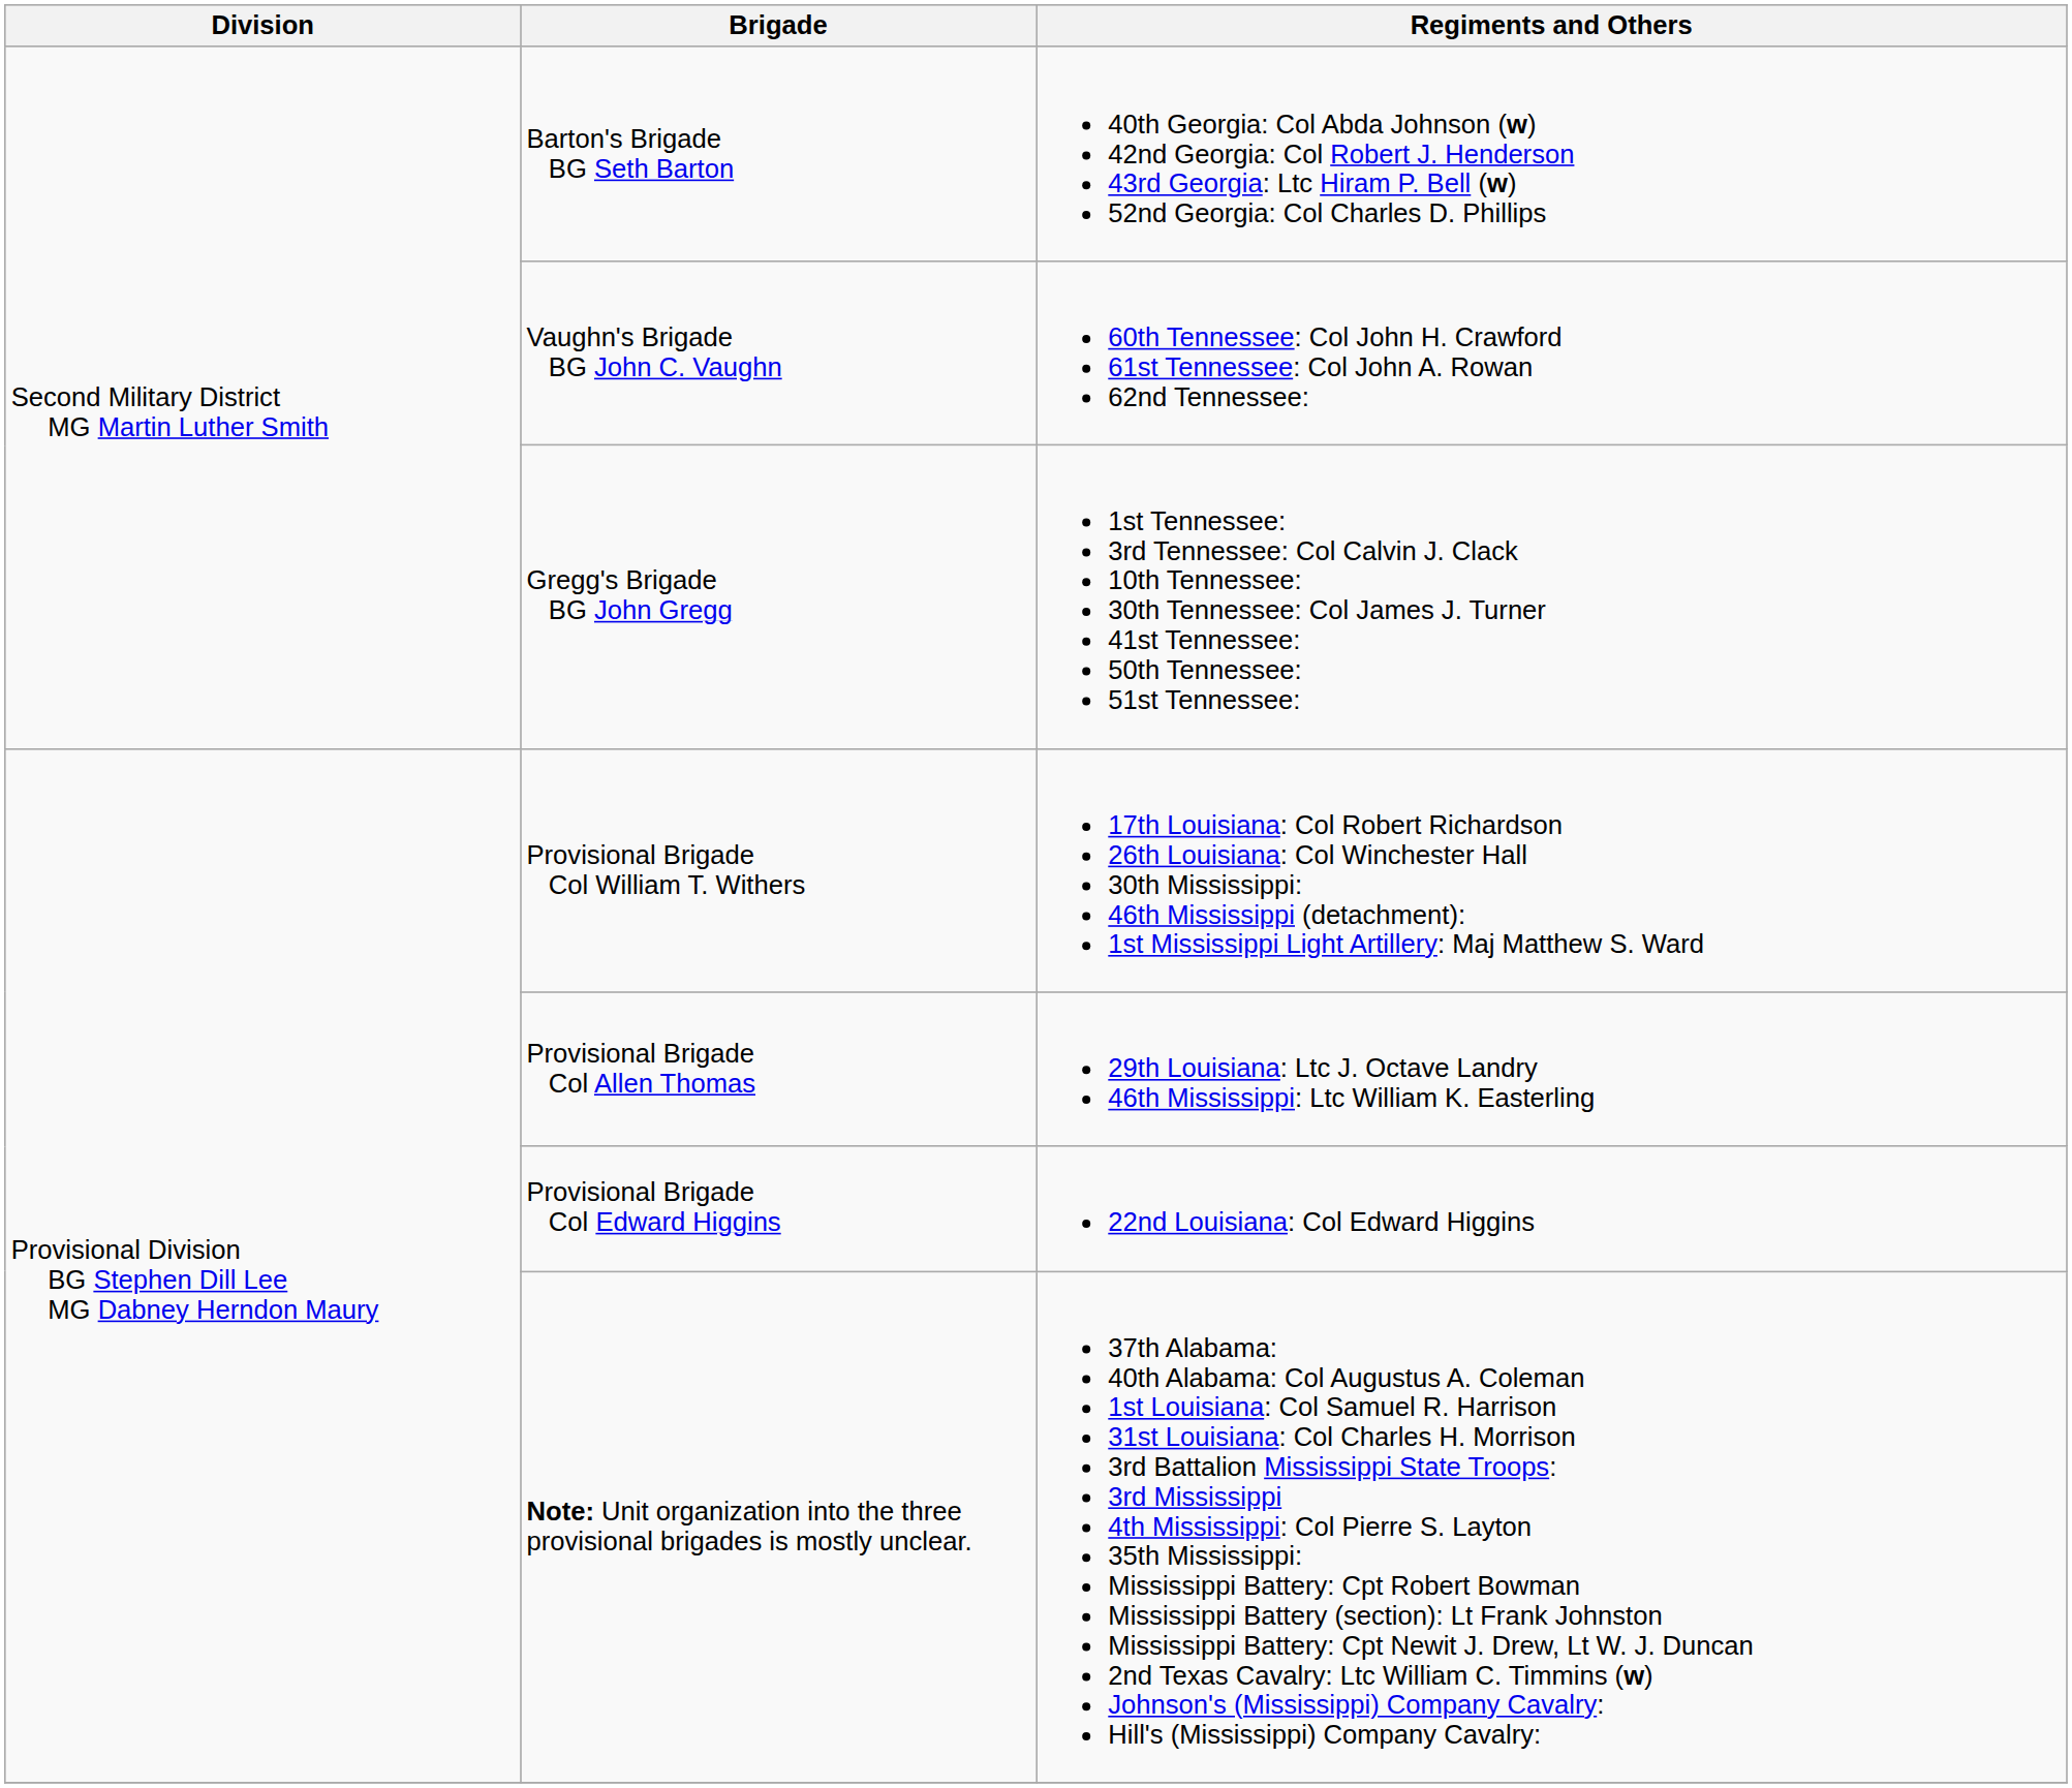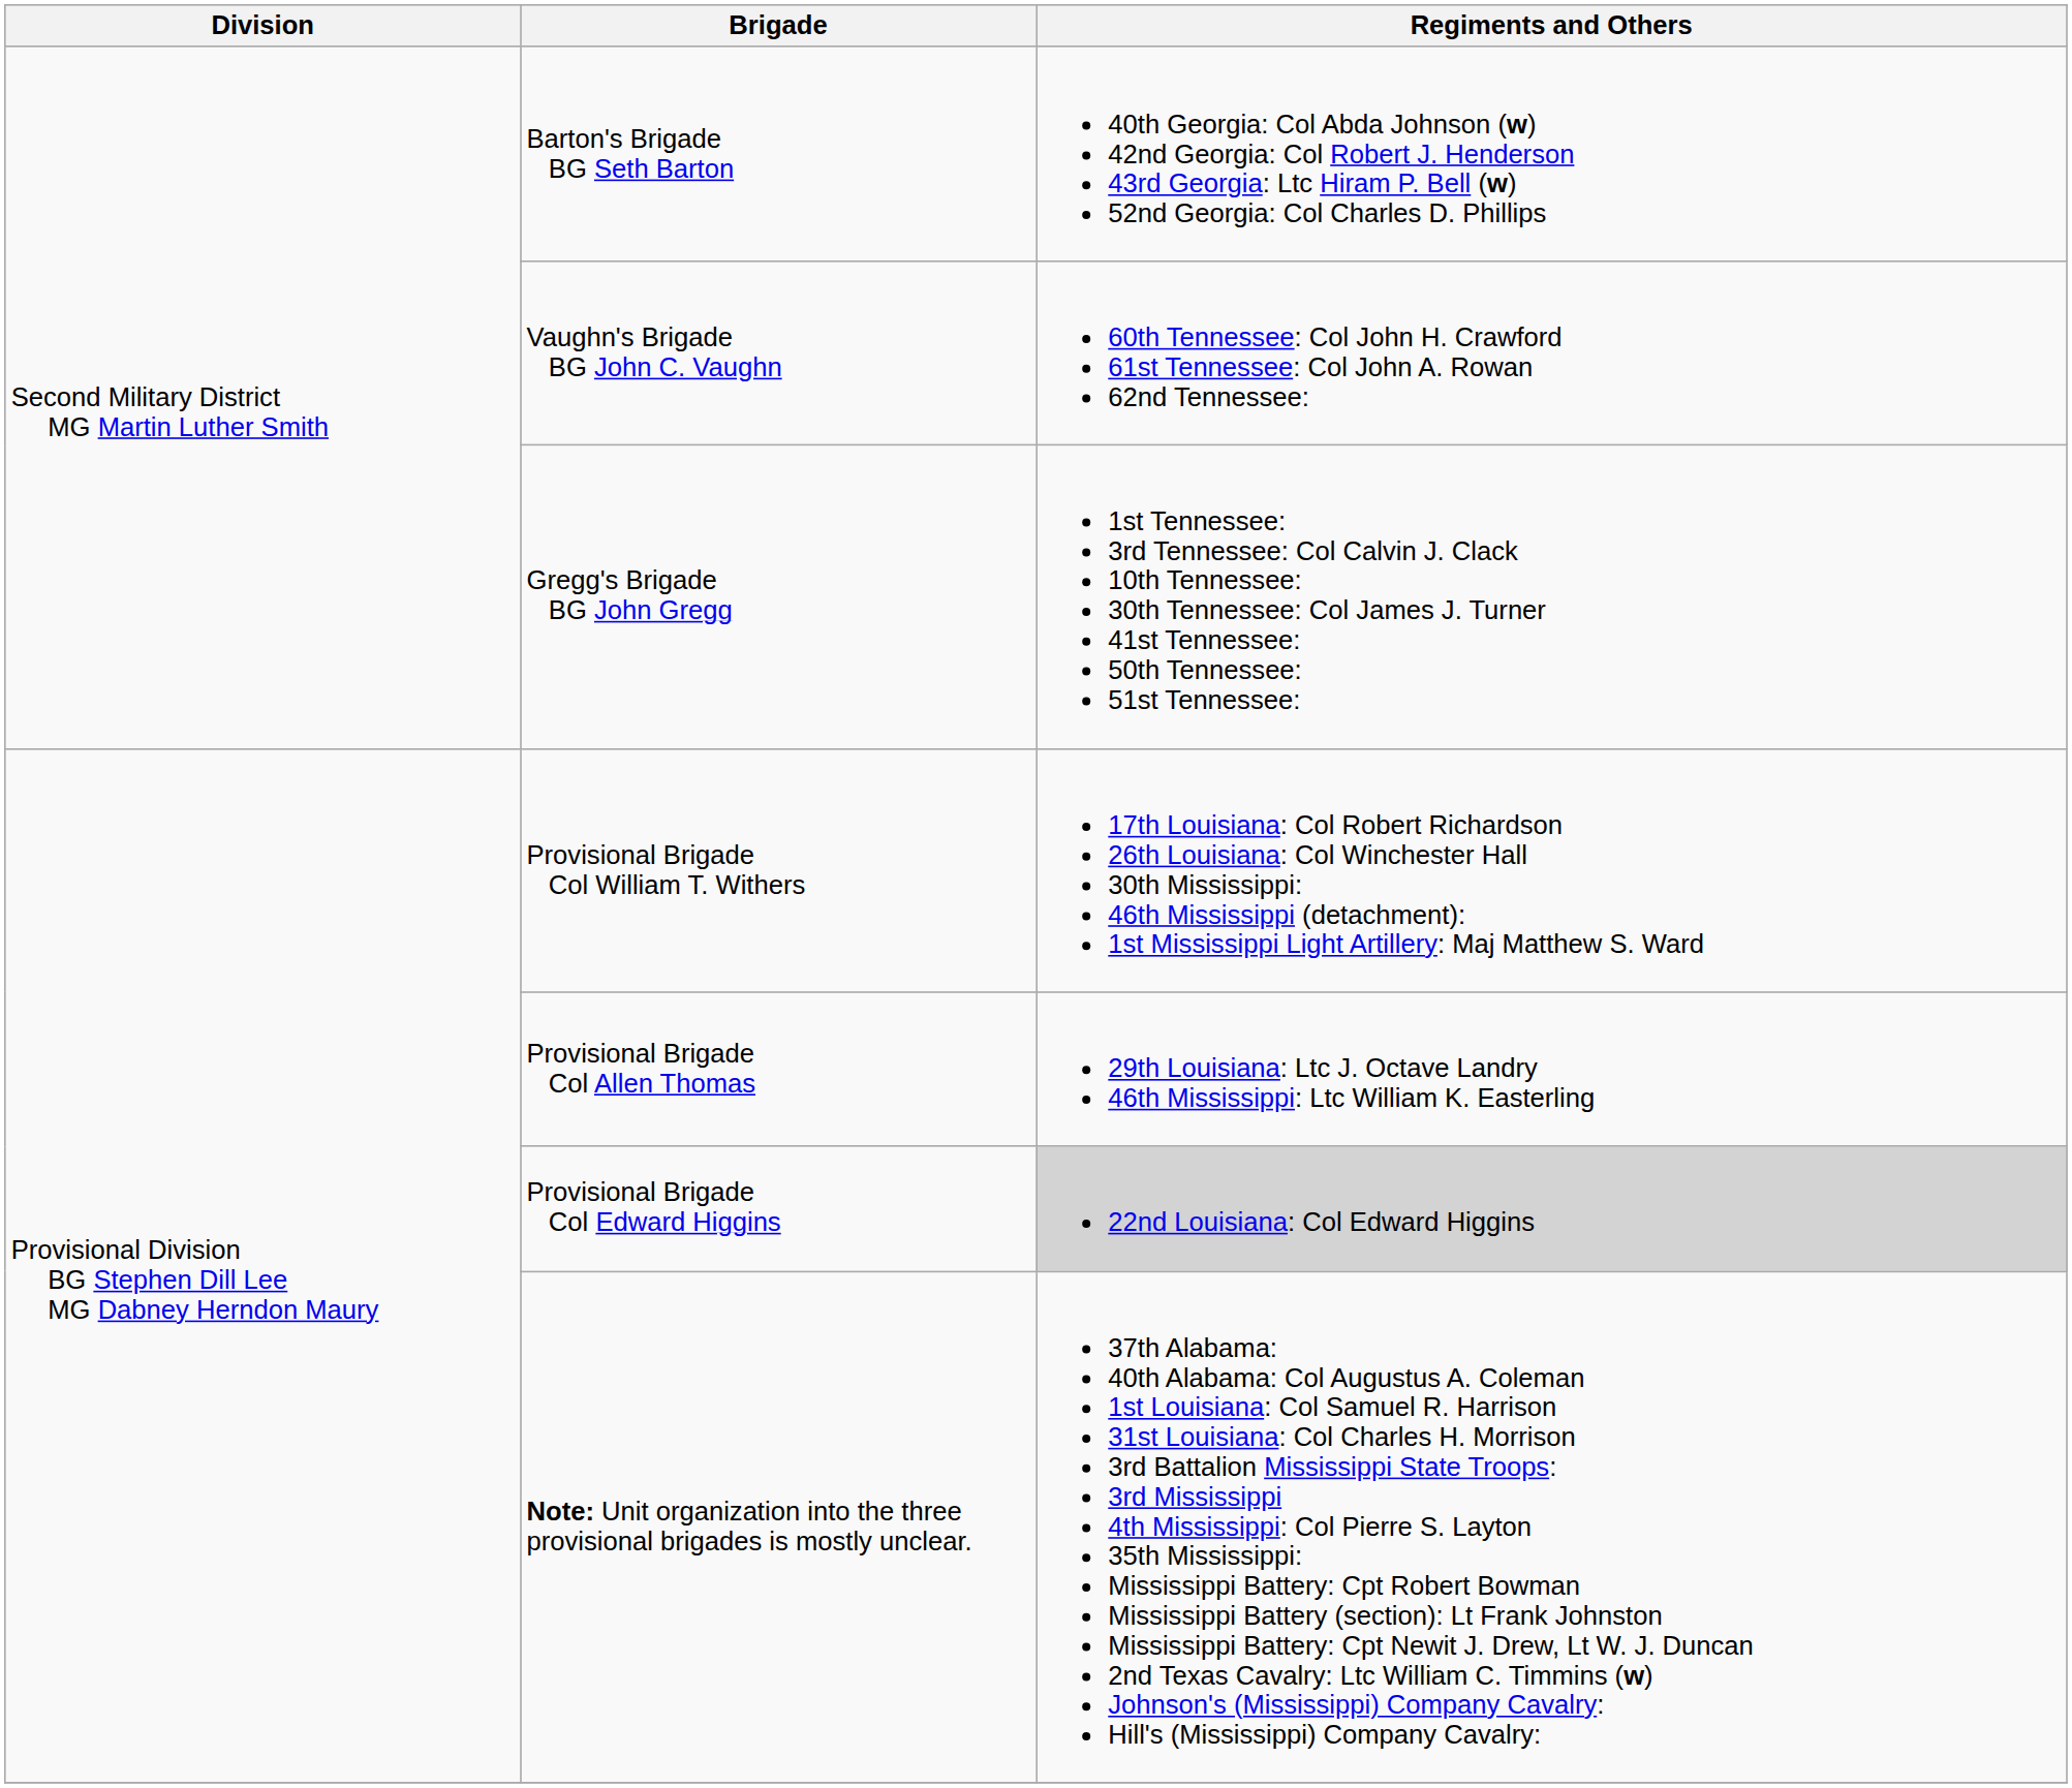 <table class="wikitable">
 <tr>
 <th width=25%>Division</th>
 <th width=25%>Brigade</th>
 <th>Regiments and Others</th>
 </tr>
 <tr>
 <td rowspan=3><br>Second Military District <br>     MG <a href='#'>Martin Luther Smith</a><br></td>
 <td>Barton's Brigade<br>   BG <a href='#'>Seth Barton</a></td>
 <td><br><ul><li>40th Georgia: Col Abda Johnson (<strong>w</strong>)</li><li>42nd Georgia: Col <a href='#'>Robert J. Henderson</a></li><li><a href='#'>43rd Georgia</a>: Ltc <a href='#'>Hiram P. Bell</a> (<strong>w</strong>)</li><li>52nd Georgia: Col Charles D. Phillips</li></ul></td>
 </tr>
 <tr>
 <td>Vaughn's Brigade<br>   BG <a href='#'>John C. Vaughn</a></td>
 <td><br><ul><li><a href='#'>60th Tennessee</a>: Col John H. Crawford</li><li><a href='#'>61st Tennessee</a>: Col John A. Rowan</li><li>62nd Tennessee:</li></ul></td>
 </tr>
 <tr>
 <td>Gregg's Brigade<br>   BG <a href='#'>John Gregg</a></td>
 <td><br><ul><li>1st Tennessee:</li><li>3rd Tennessee: Col Calvin J. Clack</li><li>10th Tennessee:</li><li>30th Tennessee: Col James J. Turner</li><li>41st Tennessee:</li><li>50th Tennessee:</li><li>51st Tennessee:</li></ul></td>
 </tr>
 <tr>
 <td rowspan=4><br>Provisional Division <br>     BG <a href='#'>Stephen Dill Lee</a><br>     MG <a href='#'>Dabney Herndon Maury</a></td>
 <td>Provisional Brigade<br>   Col William T. Withers</td>
 <td><br><ul><li><a href='#'>17th Louisiana</a>: Col Robert Richardson</li><li><a href='#'>26th Louisiana</a>: Col Winchester Hall</li><li>30th Mississippi:</li><li><a href='#'>46th Mississippi</a> (detachment):</li><li><a href='#'>1st Mississippi Light Artillery</a>: Maj Matthew S. Ward</li></ul></td>
 </tr>
 <tr>
 <td>Provisional Brigade<br>   Col <a href='#'>Allen Thomas</a></td>
 <td><br><ul><li><a href='#'>29th Louisiana</a>: Ltc J. Octave Landry</li><li><a href='#'>46th Mississippi</a>: Ltc William K. Easterling</li></ul></td>
 </tr>
 <tr>
 <td>Provisional Brigade<br>   Col <a href='#'>Edward Higgins</a></td>
-<td><br><ul><li><a href='#'>22nd Louisiana</a>: Col Edward Higgins</li></ul></td>
+<td style="background: lightgrey;"><br><ul><li><a href='#'>22nd Louisiana</a>: Col Edward Higgins</li></ul></td>
 </tr>
 <tr>
 <td><strong>Note:</strong> Unit organization into the three provisional brigades is mostly unclear.</td>
 <td><br><ul><li>37th Alabama:</li><li>40th Alabama: Col Augustus A. Coleman</li><li><a href='#'>1st Louisiana</a>: Col Samuel R. Harrison</li><li><a href='#'>31st Louisiana</a>: Col Charles H. Morrison</li><li>3rd Battalion <a href='#'>Mississippi State Troops</a>:</li><li><a href='#'>3rd Mississippi</a></li><li><a href='#'>4th Mississippi</a>: Col Pierre S. Layton</li><li>35th Mississippi:</li><li>Mississippi Battery: Cpt Robert Bowman</li><li>Mississippi Battery (section): Lt Frank Johnston</li><li>Mississippi Battery: Cpt Newit J. Drew, Lt W. J. Duncan</li><li>2nd Texas Cavalry: Ltc William C. Timmins (<strong>w</strong>)</li><li><a href='#'>Johnson's (Mississippi) Company Cavalry</a>:</li><li>Hill's (Mississippi) Company Cavalry:</li></ul></td>
 </tr>
 <tr>
 </tr>
 </table>
